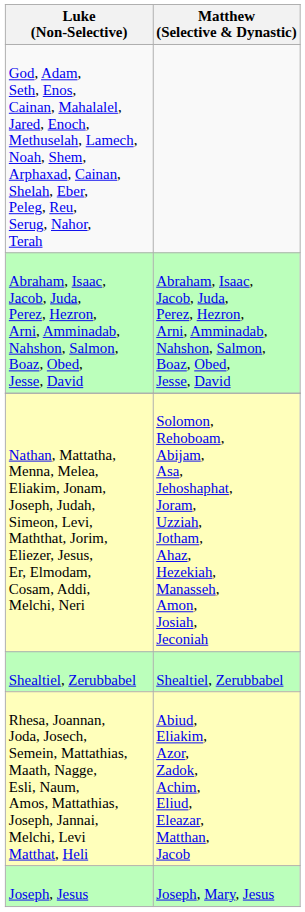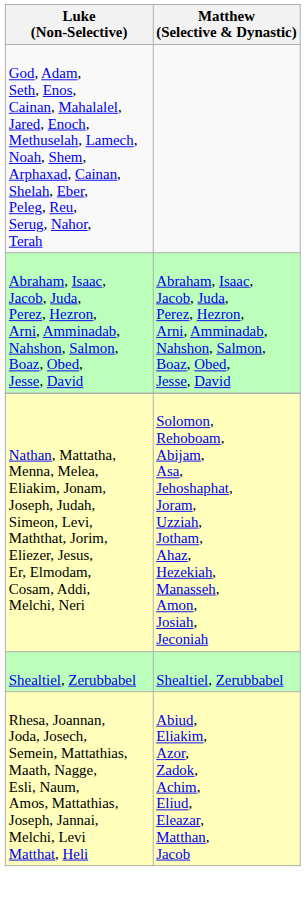 <table class="wikitable" style="margin:1em auto 1em auto; page-break-inside:avoid">
 <tr style="vertical-align:center;">
 <th style="width:50%;">Luke<br>(Non-Selective)</th>
 <th style="width:50%;">Matthew<br>(Selective & Dynastic)</th>
 </tr>
 <tr>
 <td><br><div><a href='#'>God</a>, <a href='#'>Adam</a>,</div>  <div><a href='#'>Seth</a>, <a href='#'>Enos</a>,</div> <div><a href='#'>Cainan</a>, <a href='#'>Mahalalel</a>,</div>  <div><a href='#'>Jared</a>, <a href='#'>Enoch</a>,</div>  <div><a href='#'>Methuselah</a>, <a href='#'>Lamech</a>,</div>  <div><a href='#'>Noah</a>, <a href='#'>Shem</a>,</div>  <div><a href='#'>Arphaxad</a>, <a href='#'>Cainan</a>,</div> <div><a href='#'>Shelah</a>, <a href='#'>Eber</a>,</div>  <div><a href='#'>Peleg</a>, <a href='#'>Reu</a>,</div> <div><a href='#'>Serug</a>, <a href='#'>Nahor</a>,</div> <div><a href='#'>Terah</a></div></td>
 <td></td>
 </tr>
 <tr style="background:#bbffbb;" >
 <td><br><div><a href='#'>Abraham</a>, <a href='#'>Isaac</a>,</div> <div><a href='#'>Jacob</a>, <a href='#'>Juda</a>,</div> <div><a href='#'>Perez</a>, <a href='#'>Hezron</a>,</div> <div><a href='#'>Arni</a>, <a href='#'>Amminadab</a>,</div> <div><a href='#'>Nahshon</a>, <a href='#'>Salmon</a>,</div> <div><a href='#'>Boaz</a>, <a href='#'>Obed</a>,</div> <div><a href='#'>Jesse</a>, <a href='#'>David</a></div></td>
 <td><br><div><a href='#'>Abraham</a>, <a href='#'>Isaac</a>,</div> <div><a href='#'>Jacob</a>, <a href='#'>Juda</a>,</div> <div><a href='#'>Perez</a>, <a href='#'>Hezron</a>,</div> <div><a href='#'>Arni</a>, <a href='#'>Amminadab</a>,</div> <div><a href='#'>Nahshon</a>, <a href='#'>Salmon</a>,</div>  <div><a href='#'>Boaz</a>, <a href='#'>Obed</a>,</div> <div><a href='#'>Jesse</a>, <a href='#'>David</a></div></td>
 </tr>
 <tr>
 </tr>
 <tr style="background:#ffffbb;" >
 <td><br><div><a href='#'>Nathan</a>, Mattatha,</div> <div>Menna, Melea,</div> <div>Eliakim, Jonam,</div> <div>Joseph, Judah,</div> <div>Simeon, Levi,</div> <div>Maththat, Jorim,</div> <div>Eliezer, Jesus,</div> <div>Er, Elmodam,</div> <div>Cosam, Addi,</div> <div>Melchi, Neri</div></td>
 <td><br><div><a href='#'>Solomon</a>,</div>  <div><a href='#'>Rehoboam</a>,</div> <div><a href='#'>Abijam</a>,</div> <div><a href='#'>Asa</a>,</div> <div><a href='#'>Jehoshaphat</a>,</div> <div><a href='#'>Joram</a>,</div> <div><a href='#'>Uzziah</a>,</div> <div><a href='#'>Jotham</a>,</div> <div><a href='#'>Ahaz</a>,</div> <div><a href='#'>Hezekiah</a>,</div>  <div><a href='#'>Manasseh</a>,</div> <div><a href='#'>Amon</a>,</div> <div><a href='#'>Josiah</a>,</div> <div><a href='#'>Jeconiah</a></div></td>
 </tr>
 <tr style="background:#bbffbb;" >
 <td><br><div><a href='#'>Shealtiel</a>, <a href='#'>Zerubbabel</a></div></td>
 <td><br><div><a href='#'>Shealtiel</a>, <a href='#'>Zerubbabel</a></div></td>
 </tr>
 <tr style="background:#ffffbb;" >
 <td><br><div>Rhesa, Joannan,</div> <div>Joda, Josech,</div> <div>Semein, Mattathias,</div> <div>Maath, Nagge,</div> <div>Esli, Naum,</div> <div>Amos, Mattathias,</div> <div>Joseph, Jannai,</div> <div>Melchi, Levi</div> <div><a href='#'>Matthat</a>, <a href='#'>Heli</a></div></td>
 <td><br><div><a href='#'>Abiud</a>,</div> <div><a href='#'>Eliakim</a>,</div> <div><a href='#'>Azor</a>,</div> <div><a href='#'>Zadok</a>,</div> <div><a href='#'>Achim</a>,</div> <div><a href='#'>Eliud</a>,</div> <div><a href='#'>Eleazar</a>,</div> <div><a href='#'>Matthan</a>,</div> <div><a href='#'>Jacob</a></div></td>
 </tr>
-<tr style="background:#bbffbb;" >
-<td><br><div><a href='#'>Joseph</a>, <a href='#'>Jesus</a></div></td>
-<td><br><div><a href='#'>Joseph</a>, <a href='#'>Mary</a>, <a href='#'>Jesus</a></div></td>
-</tr>
 </table>
